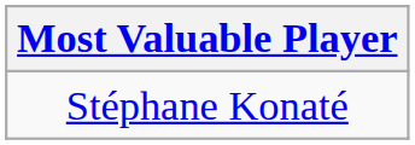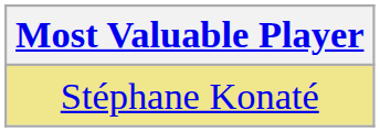 <table class=wikitable style="text-align:center; margin:auto">
 <tr>
 <th><a href='#'>Most Valuable Player</a></th>
 </tr>
 <tr>
-<td> <a href='#'>Stéphane Konaté</a></td>
+<td style="background: khaki;"> <a href='#'>Stéphane Konaté</a></td>
 </tr>
 </table>
